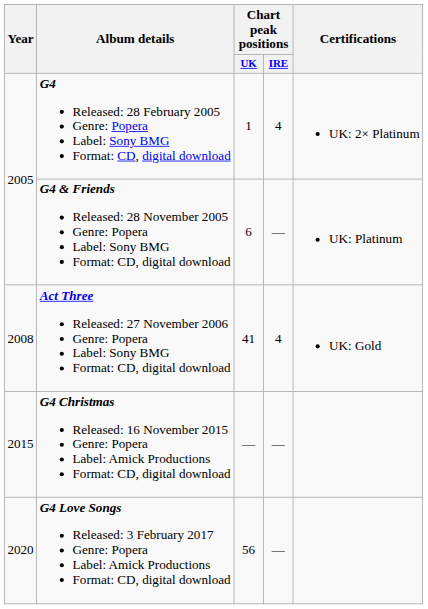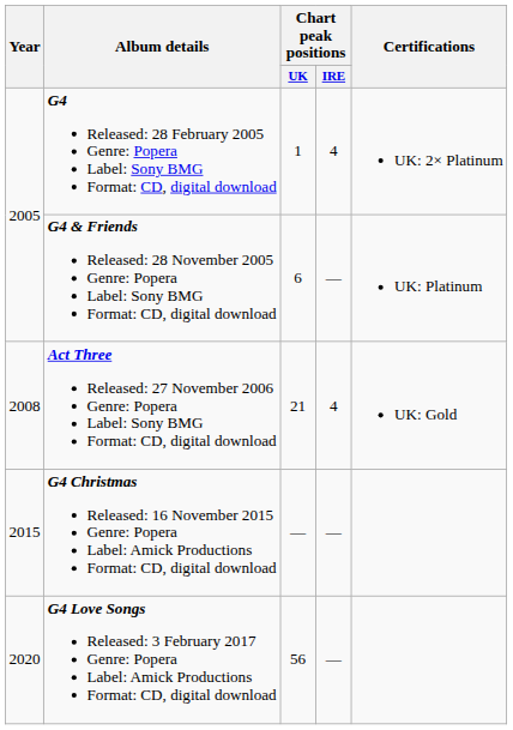 <table class=wikitable style=text-align:center;>
 <tr>
 <th rowspan=2>Year</th>
 <th rowspan=2>Album details</th>
 <th colspan=2>Chart peak positions</th>
 <th rowspan=2>Certifications</th>
 </tr>
 <tr style=font-size:smaller;>
 <th width=30><a href='#'>UK</a></th>
 <th width=30><a href='#'>IRE</a></th>
 </tr>
 <tr>
 <td rowspan="2">2005</td>
 <td align=left><strong><em>G4</em></strong><br><ul><li>Released: 28 February 2005</li><li>Genre: <a href='#'>Popera</a></li><li>Label: <a href='#'>Sony BMG</a></li><li>Format: <a href='#'>CD</a>, <a href='#'>digital download</a></li></ul></td>
 <td>1</td>
 <td>4</td>
 <td align=left><br><ul><li>UK: 2× Platinum</li></ul></td>
 </tr>
 <tr>
 <td align=left><strong><em>G4 & Friends</em></strong><br><ul><li>Released: 28 November 2005</li><li>Genre: Popera</li><li>Label: Sony BMG</li><li>Format: CD, digital download</li></ul></td>
 <td>6</td>
 <td>—</td>
 <td align=left><br><ul><li>UK: Platinum</li></ul></td>
 </tr>
 <tr>
 <td>2008</td>
 <td align=left><strong><em><a href='#'>Act Three</a></em></strong><br><ul><li>Released: 27 November 2006</li><li>Genre: Popera</li><li>Label: Sony BMG</li><li>Format: CD, digital download</li></ul></td>
-<td>41</td>
+<td>21</td>
 <td>4</td>
 <td align=left><br><ul><li>UK: Gold</li></ul></td>
 </tr>
 <tr>
 <td>2015</td>
 <td align=left><strong><em>G4 Christmas</em></strong><br><ul><li>Released: 16 November 2015</li><li>Genre: Popera</li><li>Label: Amick Productions</li><li>Format: CD, digital download</li></ul></td>
 <td>—</td>
 <td>—</td>
 <td align=left></td>
 </tr>
 <tr>
 <td>2020</td>
 <td align=left><strong><em>G4 Love Songs</em></strong><br><ul><li>Released: 3 February 2017</li><li>Genre: Popera</li><li>Label: Amick Productions</li><li>Format: CD, digital download</li></ul></td>
 <td>56</td>
 <td>—</td>
 <td align=left></td>
 </tr>
 </table>
